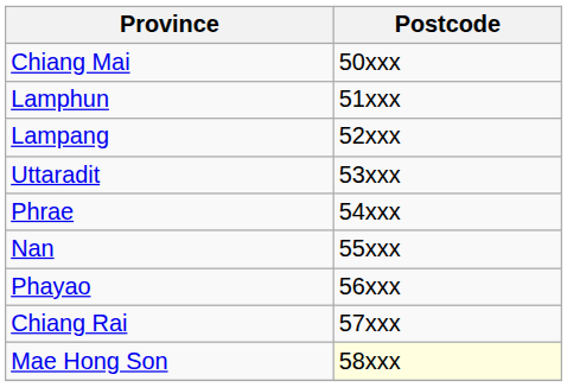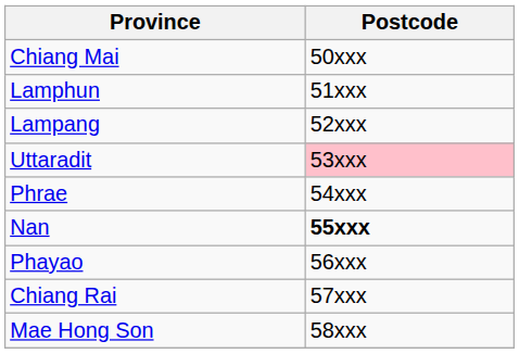 <table class="wikitable" style="width:30%; display:inline-table;">
 <tr>
 <th>Province</th>
 <th>Postcode</th>
 </tr>
 <tr>
 <td><a href='#'>Chiang Mai</a></td>
 <td>50xxx</td>
 </tr>
 <tr>
 <td><a href='#'>Lamphun</a></td>
 <td>51xxx</td>
 </tr>
 <tr>
 <td><a href='#'>Lampang</a></td>
 <td>52xxx</td>
 </tr>
 <tr>
 <td><a href='#'>Uttaradit</a></td>
-<td>53xxx</td>
+<td style="background: pink;">53xxx</td>
 </tr>
 <tr>
 <td><a href='#'>Phrae</a></td>
 <td>54xxx</td>
 </tr>
 <tr>
 <td><a href='#'>Nan</a></td>
-<td>55xxx</td>
+<td><strong>55xxx</strong></td>
 </tr>
 <tr>
 <td><a href='#'>Phayao</a></td>
 <td>56xxx</td>
 </tr>
 <tr>
 <td><a href='#'>Chiang Rai</a></td>
 <td>57xxx</td>
 </tr>
 <tr>
 <td><a href='#'>Mae Hong Son</a></td>
-<td style="background: lightyellow;">58xxx</td>
+<td>58xxx</td>
 </tr>
 <tr>
 </tr>
 </table>
